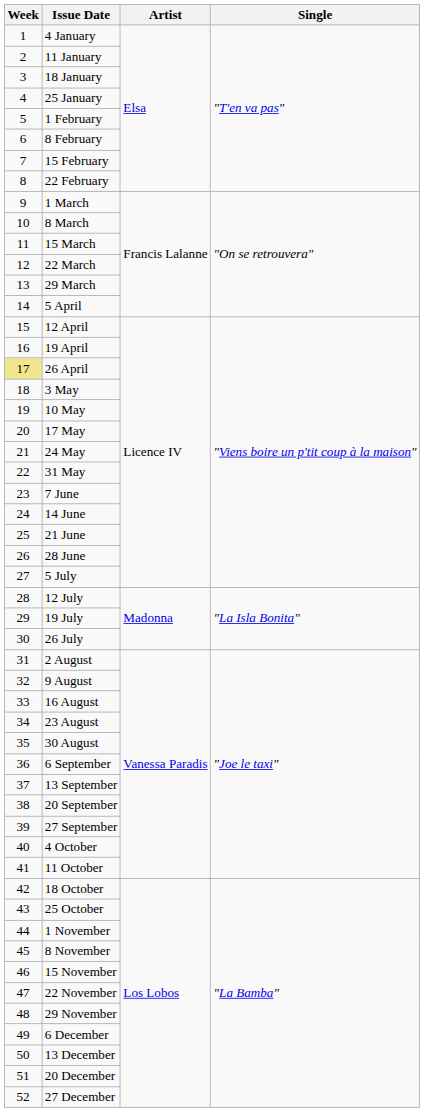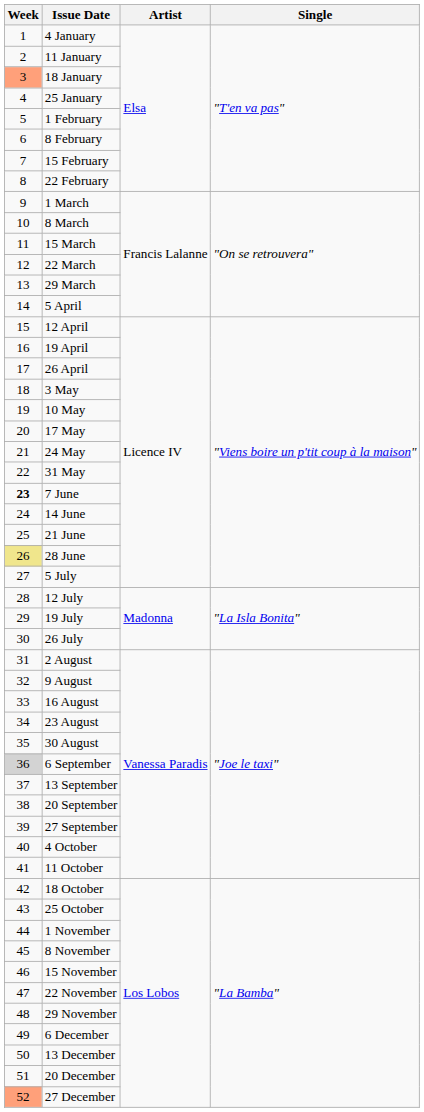 <table class="wikitable">
 <tr>
 <th rowspan>Week</th>
 <th rowspan>Issue Date</th>
 <th rowspan>Artist</th>
 <th rowspan>Single</th>
 </tr>
 <tr>
 <td style="text-align: center;">1</td>
 <td>4 January</td>
 <td rowspan="8"><a href='#'>Elsa</a></td>
 <td rowspan="8"><em>"<a href='#'>T'en va pas</a>"</em></td>
 </tr>
 <tr>
 <td style="text-align: center;">2</td>
 <td>11 January</td>
 </tr>
 <tr>
-<td style="text-align: center;">3</td>
+<td style="background: lightsalmon; text-align: center;">3</td>
 <td>18 January</td>
 </tr>
 <tr>
 <td style="text-align: center;">4</td>
 <td>25 January</td>
 </tr>
 <tr>
 <td style="text-align: center;">5</td>
 <td>1 February</td>
 </tr>
 <tr>
 <td style="text-align: center;">6</td>
 <td>8 February</td>
 </tr>
 <tr>
 <td style="text-align: center;">7</td>
 <td>15 February</td>
 </tr>
 <tr>
 <td style="text-align: center;">8</td>
 <td>22 February</td>
 </tr>
 <tr>
 <td style="text-align: center;">9</td>
 <td>1 March</td>
 <td rowspan="6">Francis Lalanne</td>
 <td rowspan="6"><em>"On se retrouvera"</em></td>
 </tr>
 <tr>
 <td style="text-align: center;">10</td>
 <td>8 March</td>
 </tr>
 <tr>
 <td style="text-align: center;">11</td>
 <td>15 March</td>
 </tr>
 <tr>
 <td style="text-align: center;">12</td>
 <td>22 March</td>
 </tr>
 <tr>
 <td style="text-align: center;">13</td>
 <td>29 March</td>
 </tr>
 <tr>
 <td style="text-align: center;">14</td>
 <td>5 April</td>
 </tr>
 <tr>
 <td style="text-align: center;">15</td>
 <td>12 April</td>
 <td rowspan="13">Licence IV</td>
 <td rowspan="13"><em>"<a href='#'>Viens boire un p'tit coup à la maison</a>"</em></td>
 </tr>
 <tr>
 <td style="text-align: center;">16</td>
 <td>19 April</td>
 </tr>
 <tr>
-<td style="background: khaki; text-align: center;">17</td>
+<td style="text-align: center;">17</td>
 <td>26 April</td>
 </tr>
 <tr>
 <td style="text-align: center;">18</td>
 <td>3 May</td>
 </tr>
 <tr>
 <td style="text-align: center;">19</td>
 <td>10 May</td>
 </tr>
 <tr>
 <td style="text-align: center;">20</td>
 <td>17 May</td>
 </tr>
 <tr>
 <td style="text-align: center;">21</td>
 <td>24 May</td>
 </tr>
 <tr>
 <td style="text-align: center;">22</td>
 <td>31 May</td>
 </tr>
 <tr>
-<td style="text-align: center;">23</td>
+<td style="text-align: center;"><strong>23</strong></td>
 <td>7 June</td>
 </tr>
 <tr>
 <td style="text-align: center;">24</td>
 <td>14 June</td>
 </tr>
 <tr>
 <td style="text-align: center;">25</td>
 <td>21 June</td>
 </tr>
 <tr>
-<td style="text-align: center;">26</td>
+<td style="background: khaki; text-align: center;">26</td>
 <td>28 June</td>
 </tr>
 <tr>
 <td style="text-align: center;">27</td>
 <td>5 July</td>
 </tr>
 <tr>
 <td style="text-align: center;">28</td>
 <td>12 July</td>
 <td rowspan="3"><a href='#'>Madonna</a></td>
 <td rowspan="3"><em>"<a href='#'>La Isla Bonita</a>"</em></td>
 </tr>
 <tr>
 <td style="text-align: center;">29</td>
 <td>19 July</td>
 </tr>
 <tr>
 <td style="text-align: center;">30</td>
 <td>26 July</td>
 </tr>
 <tr>
 <td style="text-align: center;">31</td>
 <td>2 August</td>
 <td rowspan="11"><a href='#'>Vanessa Paradis</a></td>
 <td rowspan="11"><em>"<a href='#'>Joe le taxi</a>"</em></td>
 </tr>
 <tr>
 <td style="text-align: center;">32</td>
 <td>9 August</td>
 </tr>
 <tr>
 <td style="text-align: center;">33</td>
 <td>16 August</td>
 </tr>
 <tr>
 <td style="text-align: center;">34</td>
 <td>23 August</td>
 </tr>
 <tr>
 <td style="text-align: center;">35</td>
 <td>30 August</td>
 </tr>
 <tr>
-<td style="text-align: center;">36</td>
+<td style="background: lightgrey; text-align: center;">36</td>
 <td>6 September</td>
 </tr>
 <tr>
 <td style="text-align: center;">37</td>
 <td>13 September</td>
 </tr>
 <tr>
 <td style="text-align: center;">38</td>
 <td>20 September</td>
 </tr>
 <tr>
 <td style="text-align: center;">39</td>
 <td>27 September</td>
 </tr>
 <tr>
 <td style="text-align: center;">40</td>
 <td>4 October</td>
 </tr>
 <tr>
 <td style="text-align: center;">41</td>
 <td>11 October</td>
 </tr>
 <tr>
 <td style="text-align: center;">42</td>
 <td>18 October</td>
 <td rowspan="11"><a href='#'>Los Lobos</a></td>
 <td rowspan="11"><em>"<a href='#'>La Bamba</a>"</em></td>
 </tr>
 <tr>
 <td style="text-align: center;">43</td>
 <td>25 October</td>
 </tr>
 <tr>
 <td style="text-align: center;">44</td>
 <td>1 November</td>
 </tr>
 <tr>
 <td style="text-align: center;">45</td>
 <td>8 November</td>
 </tr>
 <tr>
 <td style="text-align: center;">46</td>
 <td>15 November</td>
 </tr>
 <tr>
 <td style="text-align: center;">47</td>
 <td>22 November</td>
 </tr>
 <tr>
 <td style="text-align: center;">48</td>
 <td>29 November</td>
 </tr>
 <tr>
 <td style="text-align: center;">49</td>
 <td>6 December</td>
 </tr>
 <tr>
 <td style="text-align: center;">50</td>
 <td>13 December</td>
 </tr>
 <tr>
 <td style="text-align: center;">51</td>
 <td>20 December</td>
 </tr>
 <tr>
-<td style="text-align: center;">52</td>
+<td style="background: lightsalmon; text-align: center;">52</td>
 <td>27 December</td>
 </tr>
 </table>
